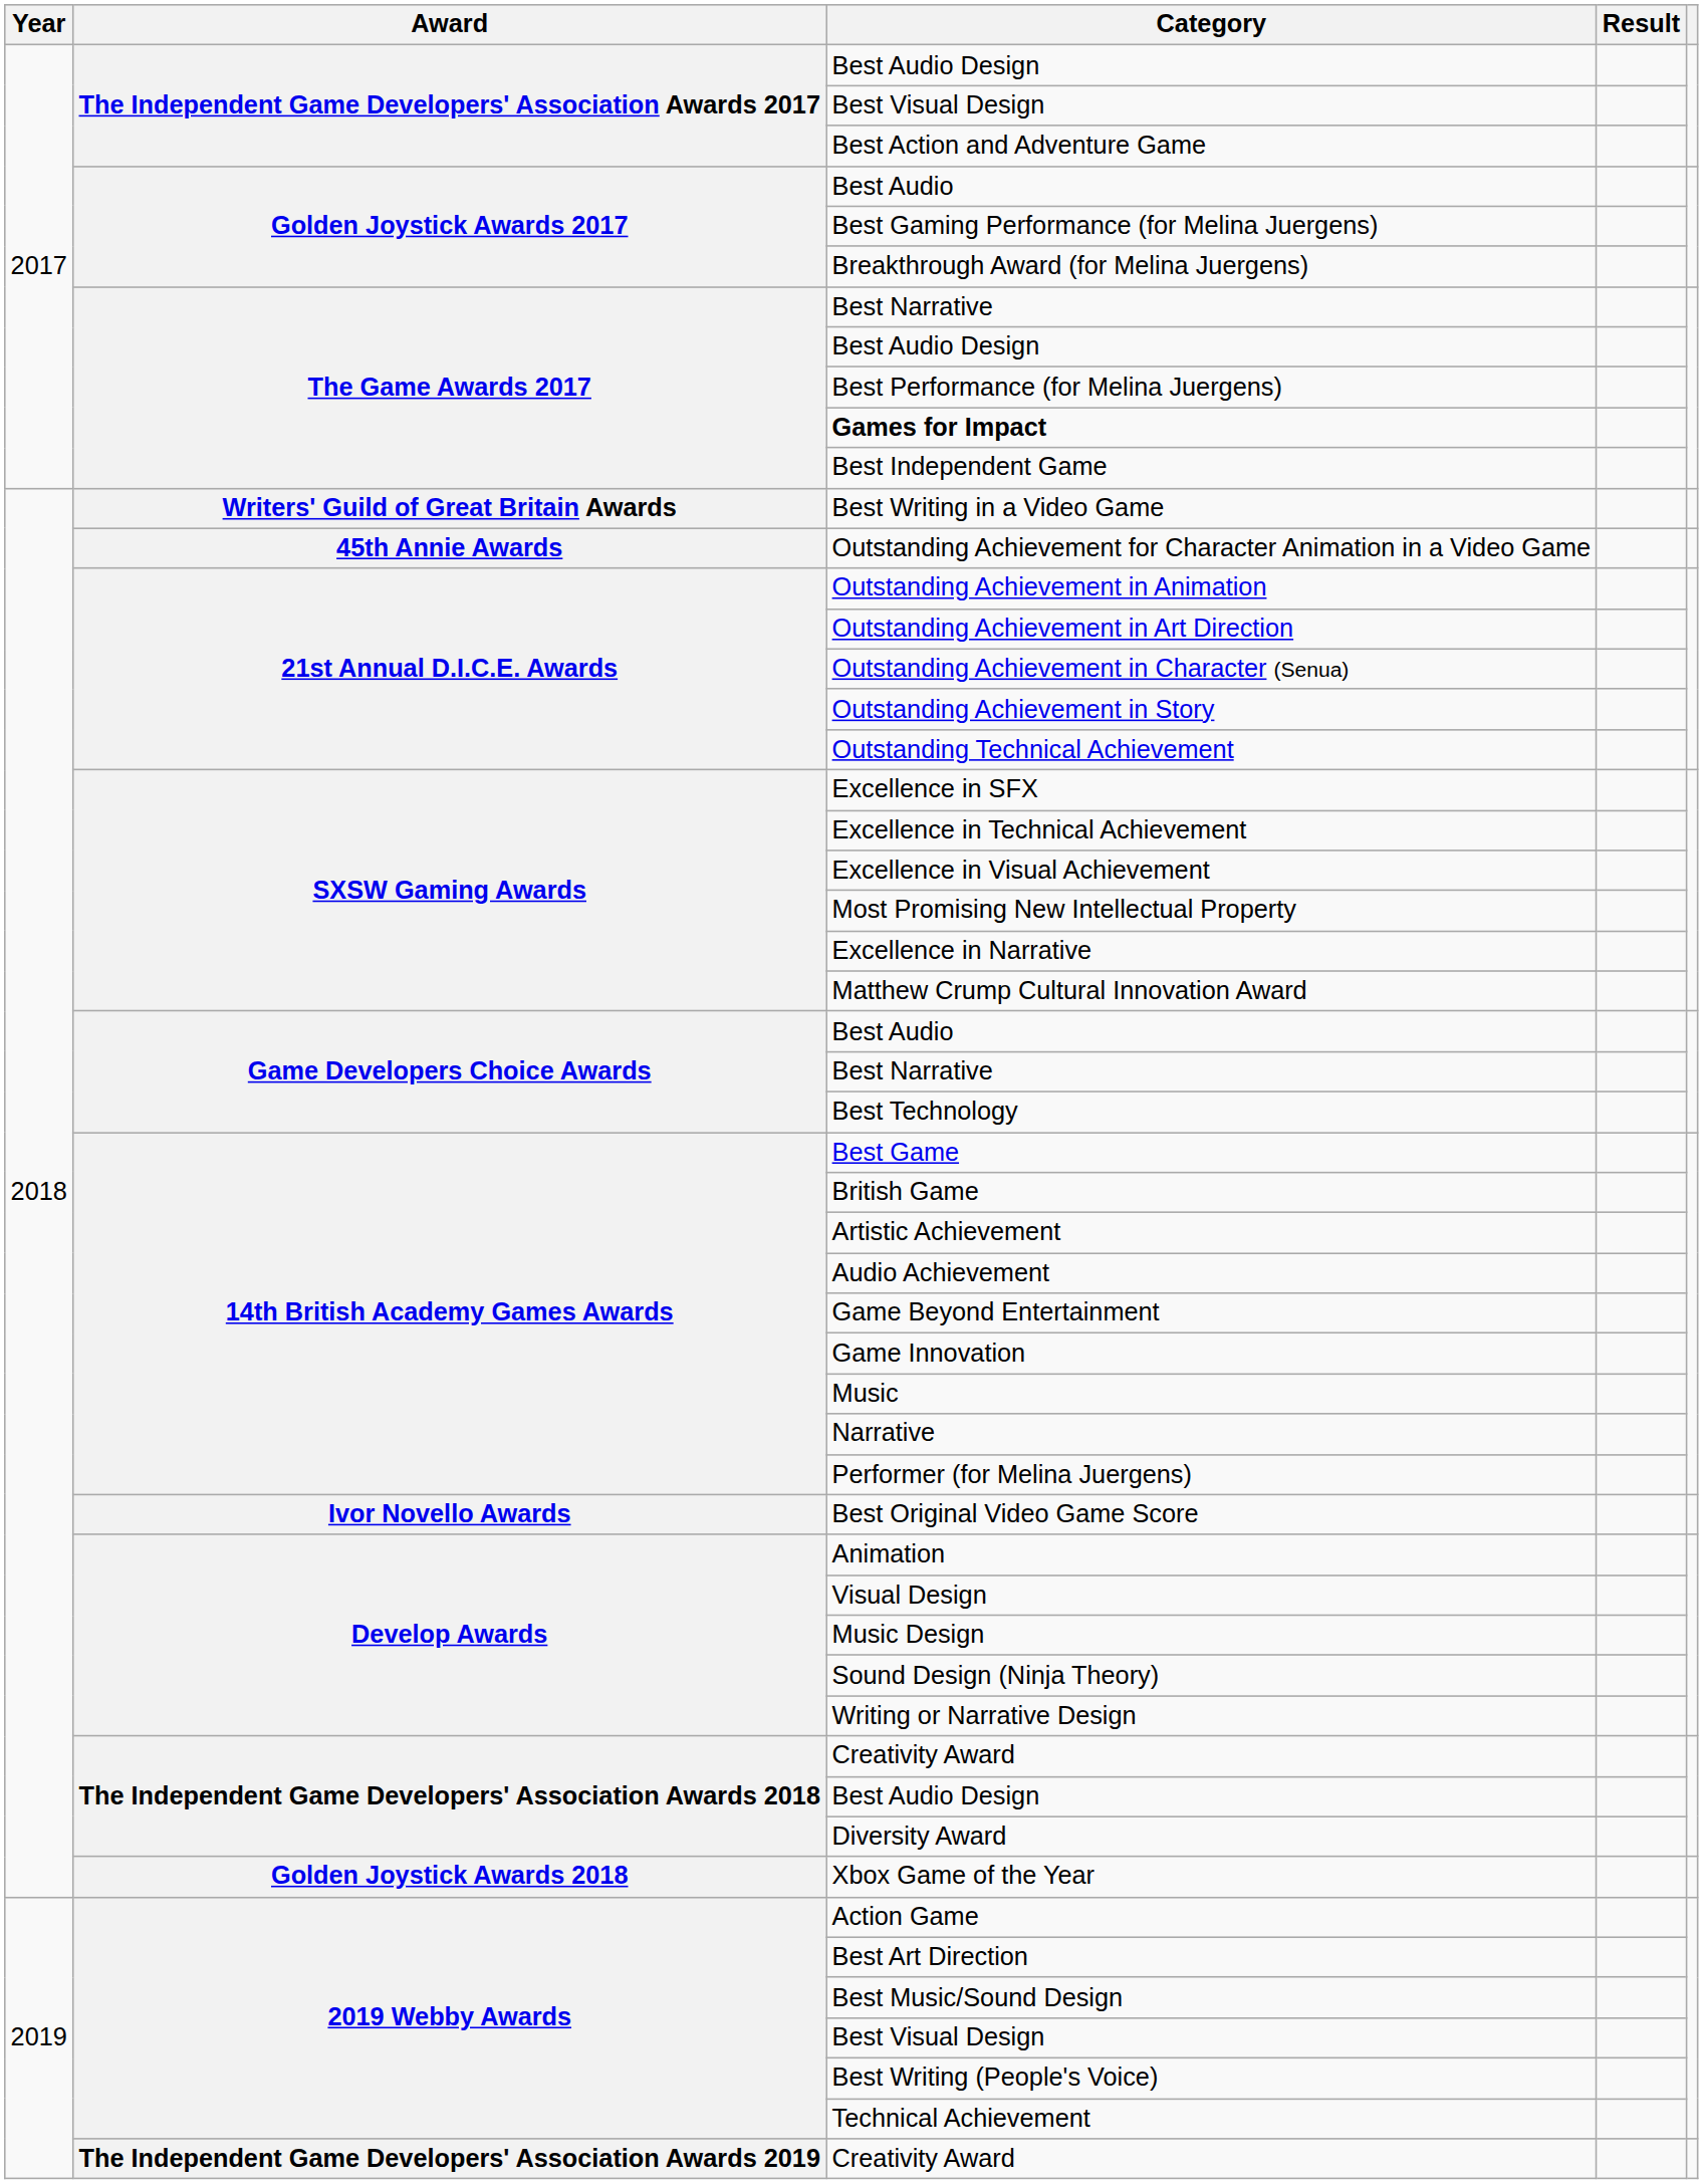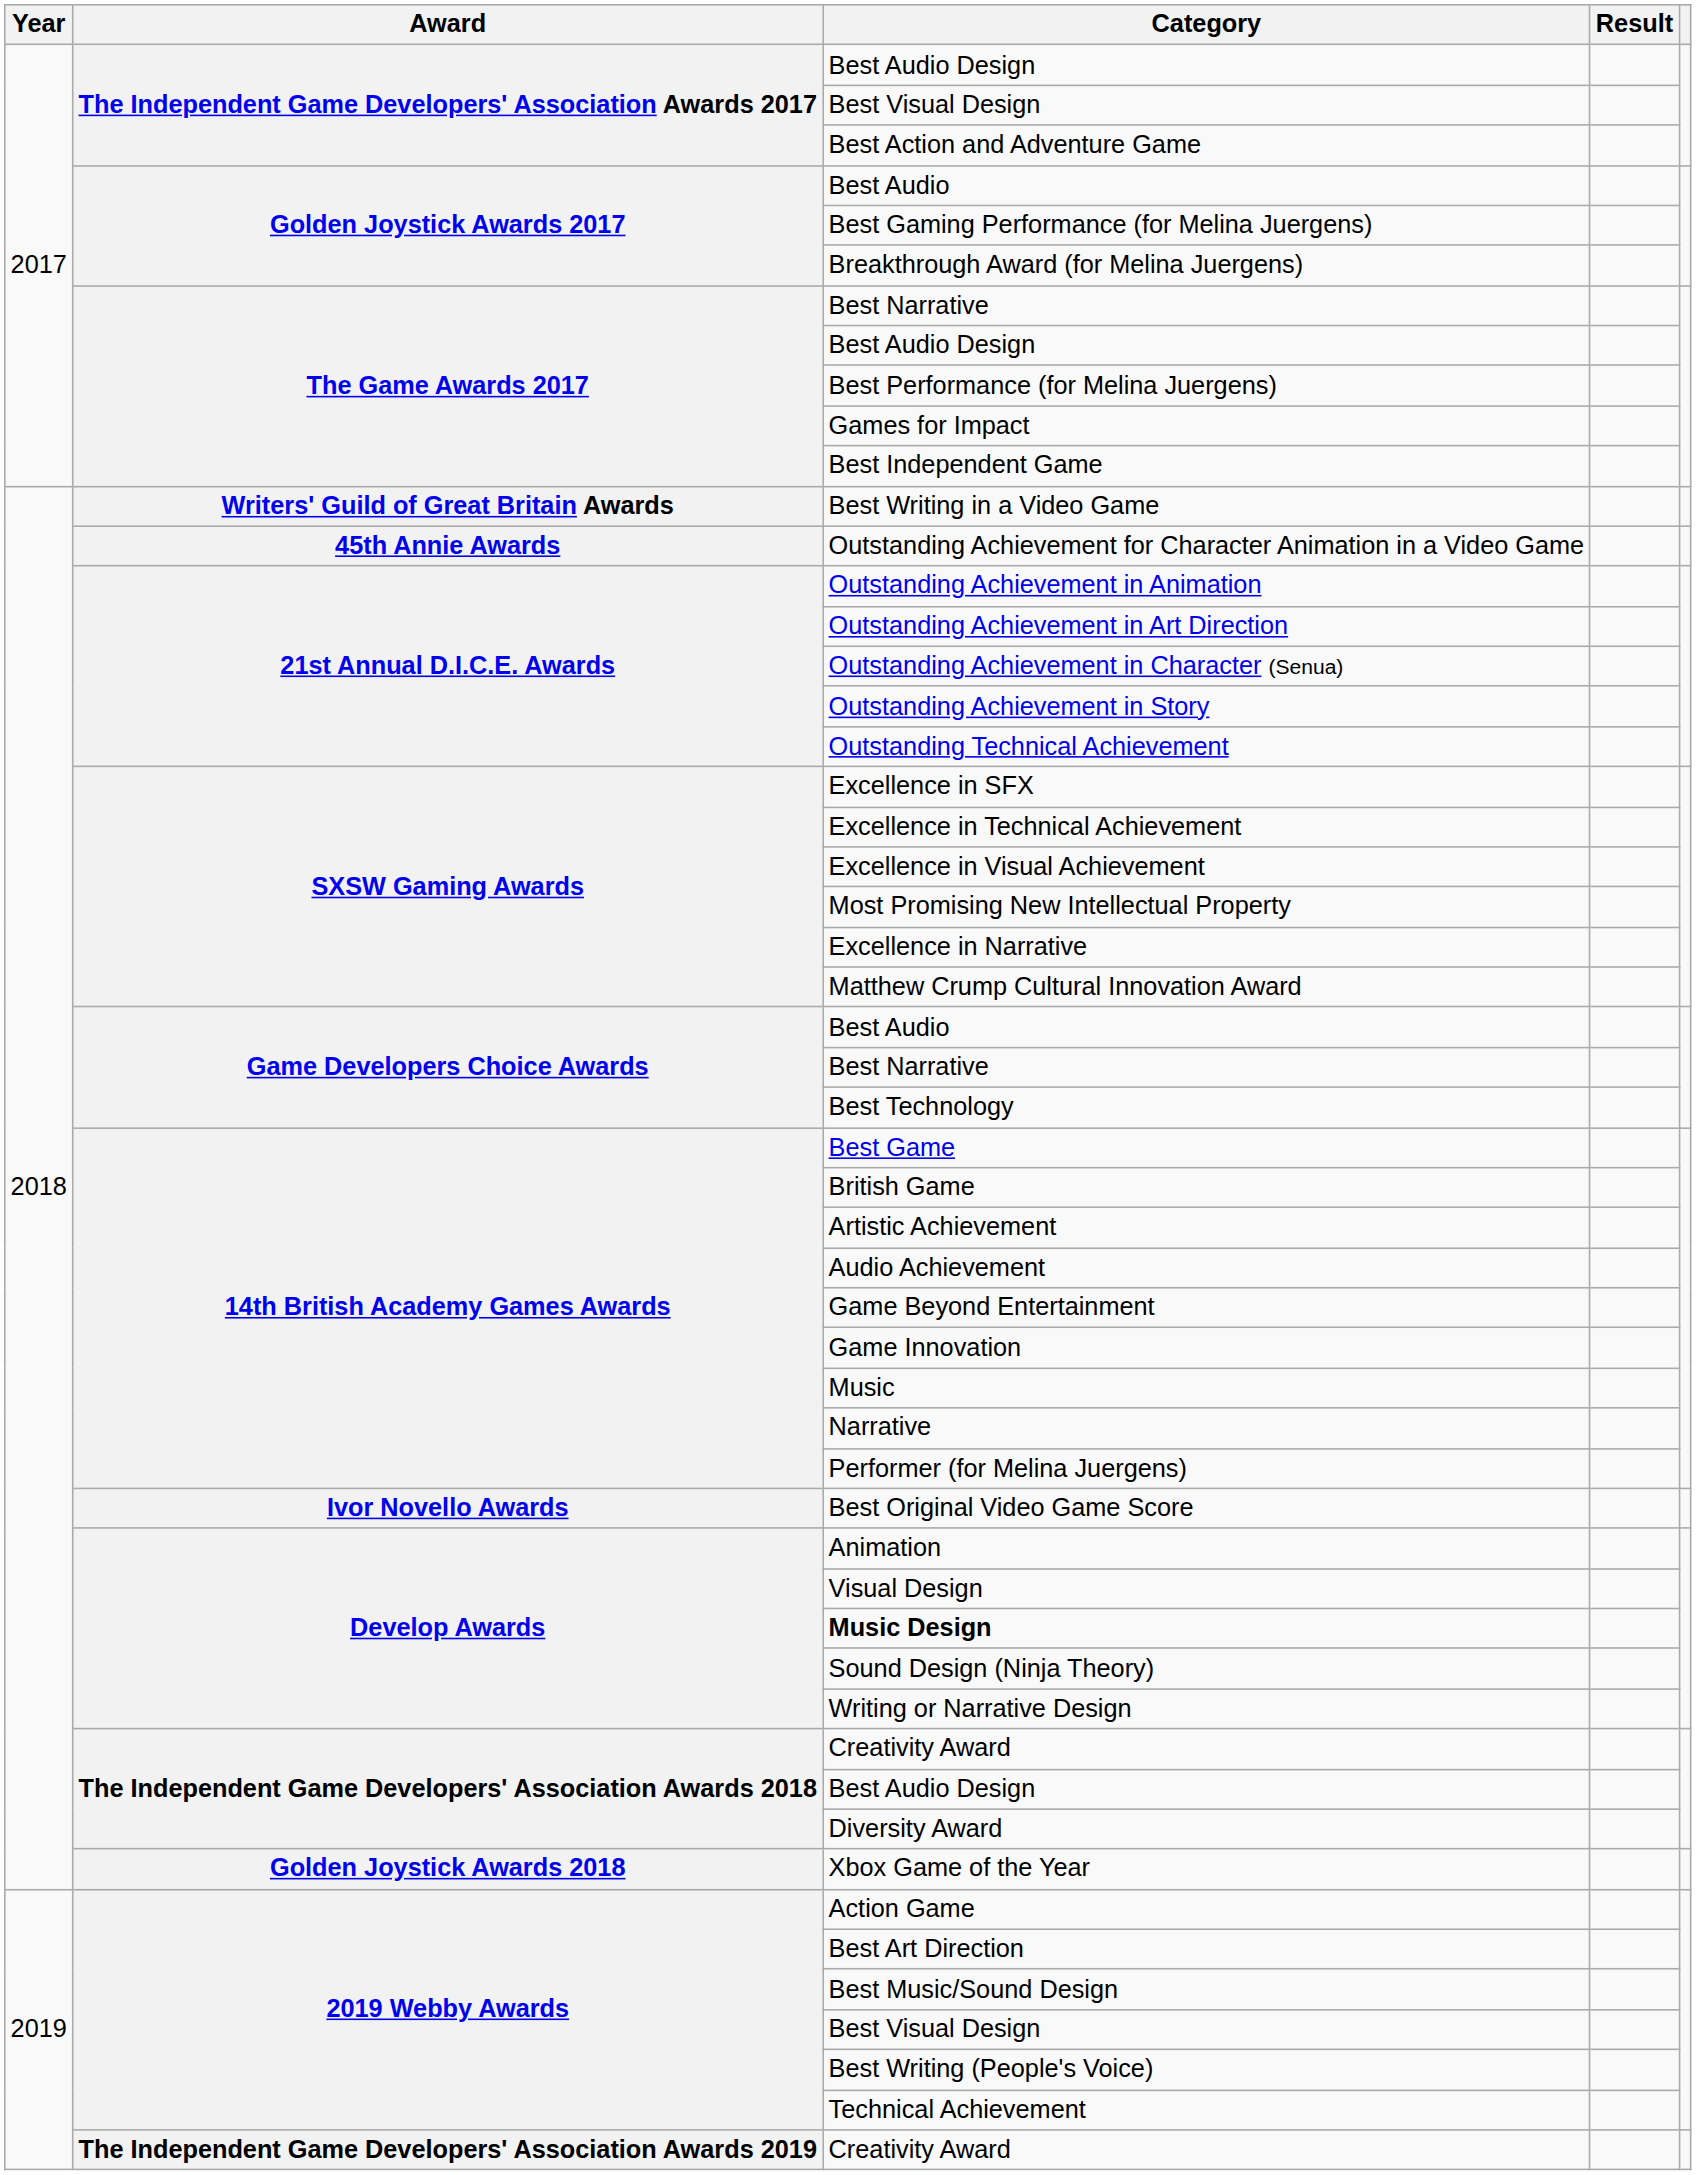 <table class="wikitable plainrowheaders sortable" width="auto">
 <tr>
 <th scope="col">Year</th>
 <th scope="col">Award</th>
 <th scope="col">Category</th>
 <th scope="col">Result</th>
 <th scope="col" class="unsortable"></th>
 </tr>
 <tr>
 <td rowspan="11">2017</td>
 <th rowspan="3" scope="row"><a href='#'>The Independent Game Developers' Association</a> Awards 2017</th>
 <td>Best Audio Design</td>
 <td></td>
 <td rowspan="3" style="text-align:center;"></td>
 </tr>
 <tr>
 <td>Best Visual Design</td>
 <td></td>
 </tr>
 <tr>
 <td>Best Action and Adventure Game</td>
 <td></td>
 </tr>
 <tr>
 <th rowspan="3" scope="row"><a href='#'>Golden Joystick Awards 2017</a></th>
 <td>Best Audio</td>
 <td></td>
 <td rowspan="3" style="text-align:center;"></td>
 </tr>
 <tr>
 <td>Best Gaming Performance (for Melina Juergens)</td>
 <td></td>
 </tr>
 <tr>
 <td>Breakthrough Award (for Melina Juergens)</td>
 <td></td>
 </tr>
 <tr>
 <th scope="row" rowspan=5><a href='#'>The Game Awards 2017</a></th>
 <td>Best Narrative</td>
 <td></td>
 <td rowspan="5" style="text-align:center;"></td>
 </tr>
 <tr>
 <td>Best Audio Design</td>
 <td></td>
 </tr>
 <tr>
 <td>Best Performance (for Melina Juergens)</td>
 <td></td>
 </tr>
 <tr>
-<td><strong>Games for Impact</strong></td>
+<td>Games for Impact</td>
 <td></td>
 </tr>
 <tr>
 <td>Best Independent Game</td>
 <td></td>
 </tr>
 <tr>
 <td rowspan="35">2018</td>
 <th scope="row"><a href='#'>Writers' Guild of Great Britain</a> Awards</th>
 <td>Best Writing in a Video Game</td>
 <td></td>
 <td style="text-align:center;"></td>
 </tr>
 <tr>
 <th scope="row"><a href='#'>45th Annie Awards</a></th>
 <td>Outstanding Achievement for Character Animation in a Video Game</td>
 <td></td>
 <td style="text-align:center;"></td>
 </tr>
 <tr>
 <th scope="row" rowspan=5><a href='#'>21st Annual D.I.C.E. Awards</a></th>
 <td><a href='#'>Outstanding Achievement in Animation</a></td>
 <td></td>
 <td rowspan="5" style="text-align:center;"></td>
 </tr>
 <tr>
 <td><a href='#'>Outstanding Achievement in Art Direction</a></td>
 <td></td>
 </tr>
 <tr>
 <td><a href='#'>Outstanding Achievement in Character</a> <small>(Senua)</small></td>
 <td></td>
 </tr>
 <tr>
 <td><a href='#'>Outstanding Achievement in Story</a></td>
 <td></td>
 </tr>
 <tr>
 <td><a href='#'>Outstanding Technical Achievement</a></td>
 <td></td>
 </tr>
 <tr>
 <th scope="row" rowspan=6><a href='#'>SXSW Gaming Awards</a></th>
 <td>Excellence in SFX</td>
 <td></td>
 <td rowspan="6" style="text-align:center;"></td>
 </tr>
 <tr>
 <td>Excellence in Technical Achievement</td>
 <td></td>
 </tr>
 <tr>
 <td>Excellence in Visual Achievement</td>
 <td></td>
 </tr>
 <tr>
 <td>Most Promising New Intellectual Property</td>
 <td></td>
 </tr>
 <tr>
 <td>Excellence in Narrative</td>
 <td></td>
 </tr>
 <tr>
 <td>Matthew Crump Cultural Innovation Award</td>
 <td></td>
 </tr>
 <tr>
 <th scope="row" rowspan=3><a href='#'>Game Developers Choice Awards</a></th>
 <td>Best Audio</td>
 <td></td>
 <td rowspan="3" style="text-align:center;"></td>
 </tr>
 <tr>
 <td>Best Narrative</td>
 <td></td>
 </tr>
 <tr>
 <td>Best Technology</td>
 <td></td>
 </tr>
 <tr>
 <th scope="row" rowspan=9><a href='#'>14th British Academy Games Awards</a></th>
 <td><a href='#'>Best Game</a></td>
 <td></td>
 <td rowspan="9" style="text-align:center;"></td>
 </tr>
 <tr>
 <td>British Game</td>
 <td></td>
 </tr>
 <tr>
 <td>Artistic Achievement</td>
 <td></td>
 </tr>
 <tr>
 <td>Audio Achievement</td>
 <td></td>
 </tr>
 <tr>
 <td>Game Beyond Entertainment</td>
 <td></td>
 </tr>
 <tr>
 <td>Game Innovation</td>
 <td></td>
 </tr>
 <tr>
 <td>Music</td>
 <td></td>
 </tr>
 <tr>
 <td>Narrative</td>
 <td></td>
 </tr>
 <tr>
 <td>Performer (for Melina Juergens)</td>
 <td></td>
 </tr>
 <tr>
 <th scope="row"><a href='#'>Ivor Novello Awards</a></th>
 <td>Best Original Video Game Score</td>
 <td></td>
 <td style="text-align:center;"></td>
 </tr>
 <tr>
 <th scope="row" rowspan=5><a href='#'>Develop Awards</a></th>
 <td>Animation</td>
 <td></td>
 <td rowspan="5" style="text-align:center;"></td>
 </tr>
 <tr>
 <td>Visual Design</td>
 <td></td>
 </tr>
 <tr>
-<td>Music Design</td>
+<td><strong>Music Design</strong></td>
 <td></td>
 </tr>
 <tr>
 <td>Sound Design (Ninja Theory)</td>
 <td></td>
 </tr>
 <tr>
 <td>Writing or Narrative Design</td>
 <td></td>
 </tr>
 <tr>
 <th rowspan="3" scope="row">The Independent Game Developers' Association Awards 2018</th>
 <td>Creativity Award</td>
 <td></td>
 <td rowspan="3" style="text-align:center;"></td>
 </tr>
 <tr>
 <td>Best Audio Design</td>
 <td></td>
 </tr>
 <tr>
 <td>Diversity Award</td>
 <td></td>
 </tr>
 <tr>
 <th scope="row"><a href='#'>Golden Joystick Awards 2018</a></th>
 <td>Xbox Game of the Year</td>
 <td></td>
 <td style="text-align:center;"></td>
 </tr>
 <tr>
 <td rowspan="7">2019</td>
 <th rowspan="6" scope="row"><a href='#'>2019 Webby Awards</a></th>
 <td>Action Game</td>
 <td></td>
 <td rowspan="6" style="text-align:center;"></td>
 </tr>
 <tr>
 <td>Best Art Direction</td>
 <td></td>
 </tr>
 <tr>
 <td>Best Music/Sound Design</td>
 <td></td>
 </tr>
 <tr>
 <td>Best Visual Design</td>
 <td></td>
 </tr>
 <tr>
 <td>Best Writing (People's Voice)</td>
 <td></td>
 </tr>
 <tr>
 <td>Technical Achievement</td>
 <td></td>
 </tr>
 <tr>
 <th scope="row">The Independent Game Developers' Association Awards 2019</th>
 <td>Creativity Award</td>
 <td></td>
 <td style="text-align:center;"></td>
 </tr>
 </table>
